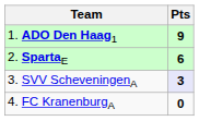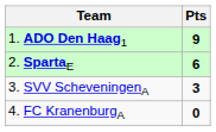 <table class="wikitable" style="text-align:center; float:left; margin-right:1em">
 <tr>
 <th style="width:200px">Team</th>
 <th width=20>Pts</th>
 </tr>
 <tr bgcolor=ccffcc>
 <td align=left>1. <strong><a href='#'>ADO Den Haag</a></strong><sub>1</sub></td>
 <td><strong>9</strong></td>
 </tr>
 <tr bgcolor=ccffcc>
 <td align=left>2. <strong><a href='#'>Sparta</a></strong><sub>E</sub></td>
 <td><strong>6</strong></td>
 </tr>
 <tr>
 <td align=left>3. <a href='#'>SVV Scheveningen</a><sub>A</sub></td>
-<td style="background: lavender;"><strong>3</strong></td>
+<td><strong>3</strong></td>
 </tr>
 <tr>
 <td align=left>4. <a href='#'>FC Kranenburg</a><sub>A</sub></td>
 <td><strong>0</strong></td>
 </tr>
 </table>
